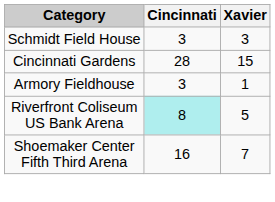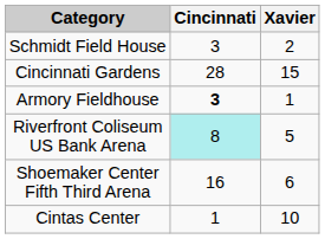 <table class="wikitable">
 <tr>
 <th style="background:#CCCCCC; text-align:center"><strong>Category</strong></th>
 <th><strong>Cincinnati</strong></th>
 <th><strong>Xavier</strong></th>
 </tr>
 <tr>
 <td align=center>Schmidt Field House</td>
 <td align=center>3</td>
-<td align=center>3</td>
+<td align=center>2</td>
 </tr>
 <tr>
 <td align=center>Cincinnati Gardens</td>
 <td align=center>28</td>
 <td align=center>15</td>
 </tr>
 <tr>
 <td align=center>Armory Fieldhouse</td>
-<td align=center>3</td>
+<td align=center><strong>3</strong></td>
 <td align=center>1</td>
 </tr>
 <tr>
 <td align=center>Riverfront Coliseum<br>US Bank Arena</td>
 <td align=center style="background: paleturquoise;">8</td>
 <td align=center>5</td>
 </tr>
 <tr>
 <td align=center>Shoemaker Center<br>Fifth Third Arena</td>
 <td align=center>16</td>
-<td align=center>7</td>
+<td align=center>6</td>
+</tr>
+<tr>
+<td align=center>Cintas Center</td>
+<td align=center>1</td>
+<td align=center>10</td>
 </tr>
 </table>
